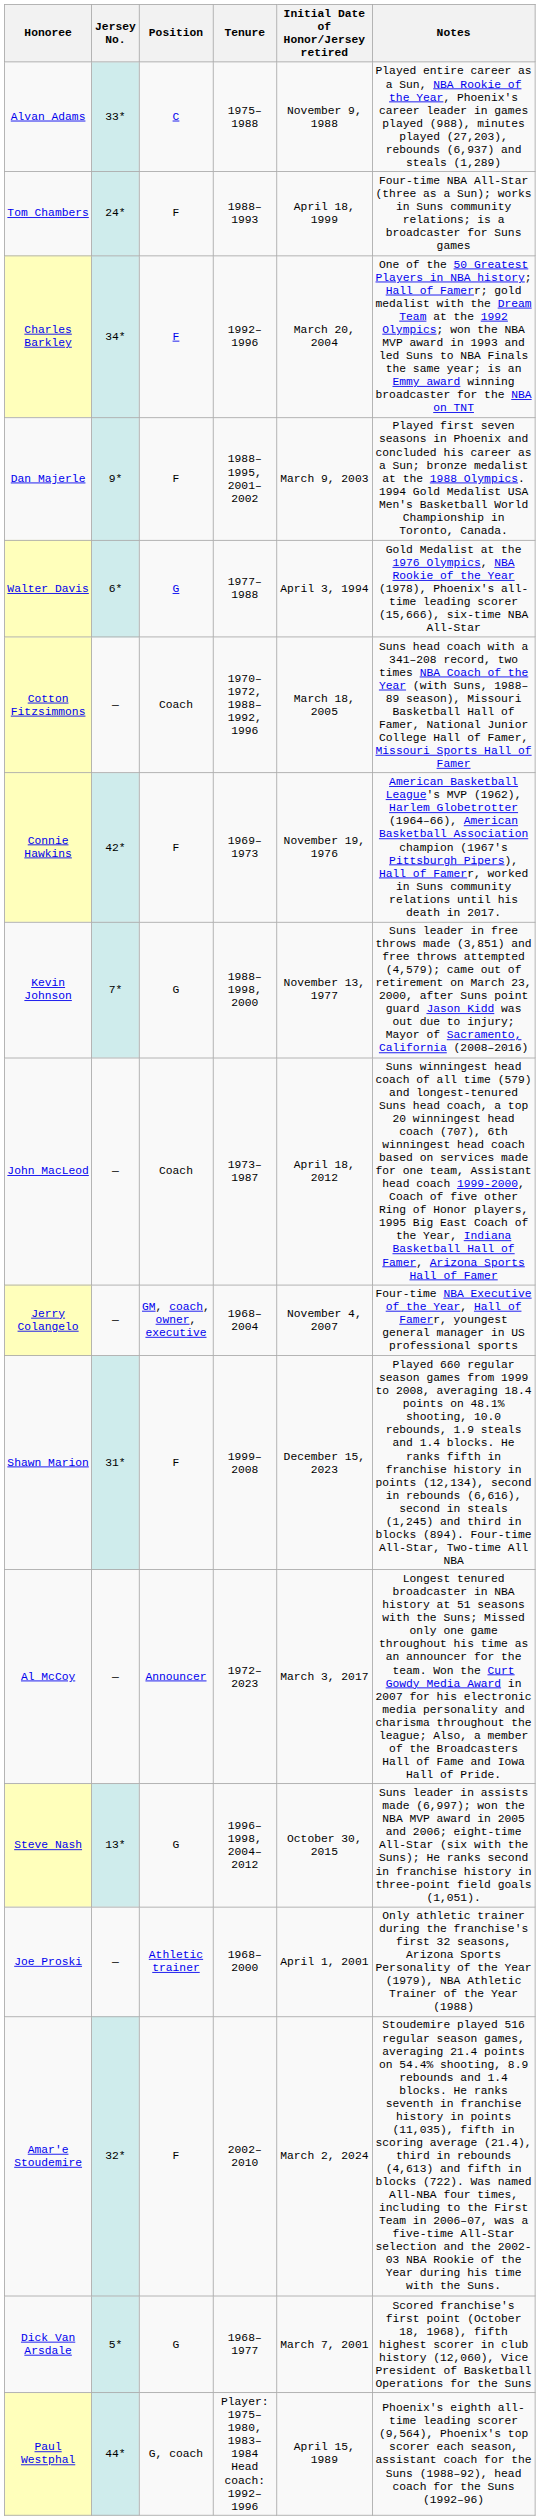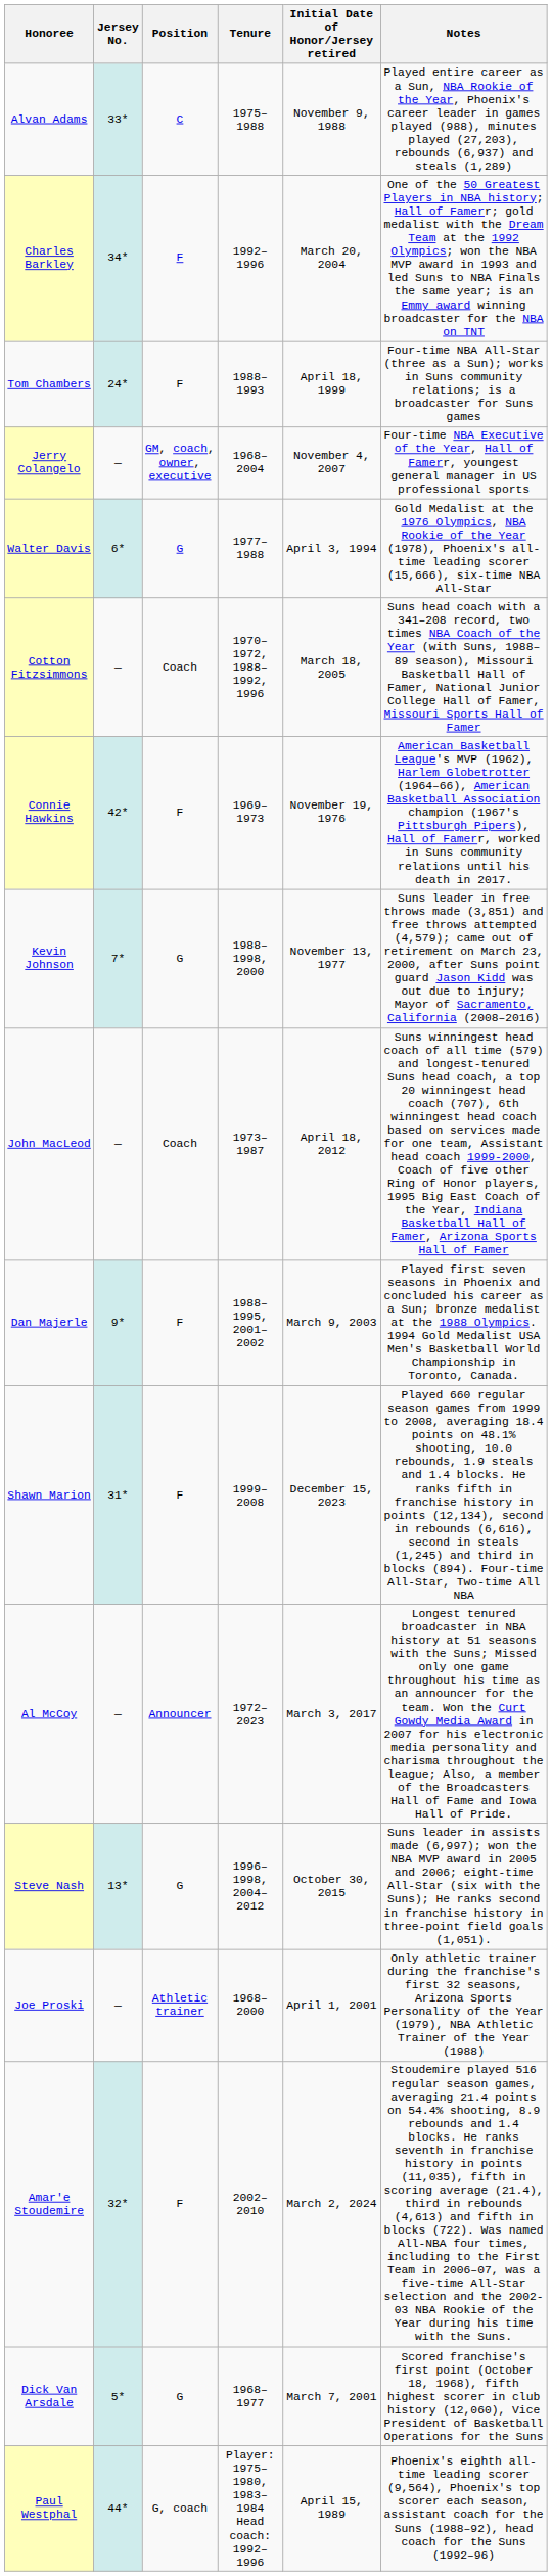 <table class="wikitable" style="text-align:center">
 <tr>
 <th width=6%>Honoree</th>
 <th width=1%>Jersey No.</th>
 <th width=6%>Position</th>
 <th width=9%>Tenure</th>
 <th width=7%>Initial Date of Honor/Jersey retired</th>
 <th width=25%>Notes</th>
 </tr>
 <tr>
 <td><a href='#'>Alvan Adams</a></td>
 <td bgcolor="#CFECEC">33*</td>
 <td><a href='#'>C</a></td>
 <td>1975–1988</td>
 <td>November 9, 1988</td>
 <td>Played entire career as a Sun, <a href='#'>NBA Rookie of the Year</a>, Phoenix's career leader in games played (988), minutes played (27,203), rebounds (6,937) and steals (1,289)</td>
 </tr>
 <tr>
+<td bgcolor="#ffb"><a href='#'>Charles Barkley</a></td>
+<td bgcolor="#CFECEC">34*</td>
+<td><a href='#'>F</a></td>
+<td>1992–1996</td>
+<td>March 20, 2004</td>
+<td>One of the <a href='#'>50 Greatest Players in NBA history</a>; <a href='#'>Hall of Famer</a>r; gold medalist with the <a href='#'>Dream Team</a> at the <a href='#'>1992 Olympics</a>; won the NBA MVP award in 1993 and led Suns to NBA Finals the same year; is an <a href='#'>Emmy award</a> winning broadcaster for the <a href='#'>NBA on TNT</a></td>
+</tr>
+<tr>
 <td><a href='#'>Tom Chambers</a></td>
 <td bgcolor="#CFECEC">24*</td>
 <td Forward>F</td>
 <td>1988–1993</td>
 <td>April 18, 1999</td>
 <td>Four-time NBA All-Star (three as a Sun); works in Suns community relations; is a broadcaster for Suns games</td>
 </tr>
 <tr>
-<td bgcolor="#ffb"><a href='#'>Charles Barkley</a></td>
-<td bgcolor="#CFECEC">34*</td>
-<td><a href='#'>F</a></td>
-<td>1992–1996</td>
-<td>March 20, 2004</td>
-<td>One of the <a href='#'>50 Greatest Players in NBA history</a>; <a href='#'>Hall of Famer</a>r; gold medalist with the <a href='#'>Dream Team</a> at the <a href='#'>1992 Olympics</a>; won the NBA MVP award in 1993 and led Suns to NBA Finals the same year; is an <a href='#'>Emmy award</a> winning broadcaster for the <a href='#'>NBA on TNT</a></td>
-</tr>
-<tr>
-<td><a href='#'>Dan Majerle</a></td>
-<td bgcolor="#CFECEC">9*</td>
-<td Forward>F</td>
-<td>1988–1995, 2001–2002</td>
-<td>March 9, 2003</td>
-<td>Played first seven seasons in Phoenix and concluded his career as a Sun; bronze medalist at the <a href='#'>1988 Olympics</a>.  1994 Gold Medalist USA Men's Basketball World Championship in Toronto, Canada.</td>
+<td bgcolor="#ffb"><a href='#'>Jerry Colangelo</a></td>
+<td>—</td>
+<td><a href='#'>GM</a>, <a href='#'>coach</a>, <a href='#'>owner</a>, <a href='#'>executive</a></td>
+<td>1968–2004</td>
+<td>November 4, 2007</td>
+<td>Four-time <a href='#'>NBA Executive of the Year</a>, <a href='#'>Hall of Famer</a>r, youngest general manager in US professional sports</td>
 </tr>
 <tr>
 <td bgcolor="#ffb"><a href='#'>Walter Davis</a></td>
 <td bgcolor="#CFECEC">6*</td>
 <td><a href='#'>G</a></td>
 <td>1977–1988</td>
 <td>April 3, 1994</td>
 <td>Gold Medalist at the <a href='#'>1976 Olympics</a>, <a href='#'>NBA Rookie of the Year</a> (1978), Phoenix's all-time leading scorer (15,666), six-time NBA All-Star</td>
 </tr>
 <tr>
 <td bgcolor="#ffb"><a href='#'>Cotton Fitzsimmons</a></td>
 <td>—</td>
 <td>Coach</td>
 <td>1970–1972, 1988–1992, 1996</td>
 <td>March 18, 2005</td>
 <td>Suns head coach with a 341–208 record, two times <a href='#'>NBA Coach of the Year</a> (with Suns, 1988–89 season), Missouri Basketball Hall of Famer, National Junior College Hall of Famer, <a href='#'>Missouri Sports Hall of Famer</a></td>
 </tr>
 <tr>
 <td bgcolor="#ffb"><a href='#'>Connie Hawkins</a></td>
 <td bgcolor="#CFECEC">42*</td>
 <td Forward>F</td>
 <td>1969–1973</td>
 <td>November 19, 1976</td>
 <td><a href='#'>American Basketball League</a>'s MVP (1962), <a href='#'>Harlem Globetrotter</a> (1964–66), <a href='#'>American Basketball Association</a> champion (1967's <a href='#'>Pittsburgh Pipers</a>), <a href='#'>Hall of Famer</a>r, worked in Suns community relations until his death in 2017.</td>
 </tr>
 <tr>
 <td><a href='#'>Kevin Johnson</a></td>
 <td bgcolor="#CFECEC">7*</td>
 <td Guard>G</td>
 <td>1988–1998, 2000</td>
 <td>November 13, 1977</td>
 <td>Suns leader in free throws made (3,851) and free throws attempted (4,579); came out of retirement on March 23, 2000, after Suns point guard <a href='#'>Jason Kidd</a> was out due to injury; Mayor of <a href='#'>Sacramento, California</a> (2008–2016)</td>
 </tr>
 <tr>
 <td><a href='#'>John MacLeod</a></td>
 <td>—</td>
 <td>Coach</td>
 <td>1973–1987</td>
 <td>April 18, 2012</td>
 <td>Suns winningest head coach of all time (579) and longest-tenured Suns head coach, a top 20 winningest head coach (707), 6th winningest head coach based on services made for one team, Assistant head coach <a href='#'>1999-2000</a>, Coach of five other Ring of Honor players, 1995 Big East Coach of the Year, <a href='#'>Indiana Basketball Hall of Famer</a>, <a href='#'>Arizona Sports Hall of Famer</a></td>
 </tr>
 <tr>
-<td bgcolor="#ffb"><a href='#'>Jerry Colangelo</a></td>
-<td>—</td>
-<td><a href='#'>GM</a>, <a href='#'>coach</a>, <a href='#'>owner</a>, <a href='#'>executive</a></td>
-<td>1968–2004</td>
-<td>November 4, 2007</td>
-<td>Four-time <a href='#'>NBA Executive of the Year</a>, <a href='#'>Hall of Famer</a>r, youngest general manager in US professional sports</td>
+<td><a href='#'>Dan Majerle</a></td>
+<td bgcolor="#CFECEC">9*</td>
+<td Forward>F</td>
+<td>1988–1995, 2001–2002</td>
+<td>March 9, 2003</td>
+<td>Played first seven seasons in Phoenix and concluded his career as a Sun; bronze medalist at the <a href='#'>1988 Olympics</a>.  1994 Gold Medalist USA Men's Basketball World Championship in Toronto, Canada.</td>
 </tr>
 <tr>
 <td><a href='#'>Shawn Marion</a></td>
 <td bgcolor="#CFECEC">31*</td>
 <td>F</td>
 <td>1999–2008</td>
 <td>December 15, 2023</td>
 <td>Played 660 regular season games from 1999 to 2008, averaging 18.4 points on 48.1% shooting, 10.0 rebounds, 1.9 steals and 1.4 blocks. He ranks fifth in franchise history in points (12,134), second in rebounds (6,616), second in steals (1,245) and third in blocks (894).  Four-time All-Star,  Two-time All NBA</td>
 </tr>
 <tr>
 <td><a href='#'>Al McCoy</a></td>
 <td>—</td>
 <td><a href='#'>Announcer</a></td>
 <td>1972–2023</td>
 <td>March 3, 2017</td>
 <td>Longest tenured broadcaster in NBA history at 51 seasons with the Suns; Missed only one game throughout his time as an announcer for the team. Won the <a href='#'>Curt Gowdy Media Award</a> in 2007 for his electronic media personality and charisma throughout the league; Also, a member of the Broadcasters Hall of Fame and Iowa Hall of Pride.</td>
 </tr>
 <tr>
 <td bgcolor="#ffb"><a href='#'>Steve Nash</a></td>
 <td bgcolor="#CFECEC">13*</td>
 <td Guard>G</td>
 <td>1996–1998, 2004–2012</td>
 <td>October 30, 2015</td>
 <td>Suns leader in assists made (6,997); won the NBA MVP award in 2005 and 2006; eight-time All-Star (six with the Suns); He ranks second in franchise history in three-point field goals (1,051).</td>
 </tr>
 <tr>
 <td><a href='#'>Joe Proski</a></td>
 <td>—</td>
 <td><a href='#'>Athletic trainer</a></td>
 <td>1968–2000</td>
 <td>April 1, 2001</td>
 <td>Only athletic trainer during the franchise's first 32 seasons, Arizona Sports Personality of the Year (1979), NBA Athletic Trainer of the Year (1988)</td>
 </tr>
 <tr>
 <td><a href='#'>Amar'e Stoudemire</a></td>
 <td bgcolor="#CFECEC">32*</td>
 <td>F</td>
 <td>2002–2010</td>
 <td>March 2, 2024</td>
 <td>Stoudemire played 516 regular season games, averaging 21.4 points on 54.4% shooting, 8.9 rebounds and 1.4 blocks. He ranks seventh in franchise history in points (11,035), fifth in scoring average (21.4), third in rebounds (4,613) and fifth in blocks (722). Was named All-NBA four times, including to the First Team in 2006–07, was a five-time All-Star selection and the 2002-03 NBA Rookie of the Year during his time with the Suns.</td>
 </tr>
 <tr>
 <td><a href='#'>Dick Van Arsdale</a></td>
 <td bgcolor="#CFECEC">5*</td>
 <td Guard>G</td>
 <td>1968–1977</td>
 <td>March 7, 2001</td>
 <td>Scored franchise's first point (October 18, 1968), fifth highest scorer in club history (12,060), Vice President of Basketball Operations for the Suns</td>
 </tr>
 <tr>
 <td bgcolor="#ffb"><a href='#'>Paul Westphal</a></td>
 <td bgcolor="#CFECEC">44*</td>
 <td Guard>G, coach</td>
 <td>Player: 1975–1980, 1983–1984<br>Head coach: 1992–1996</td>
 <td>April 15, 1989</td>
 <td>Phoenix's eighth all-time leading scorer (9,564), Phoenix's top scorer each season, assistant coach for the Suns (1988–92), head coach for the Suns (1992–96)</td>
 </tr>
 </table>
